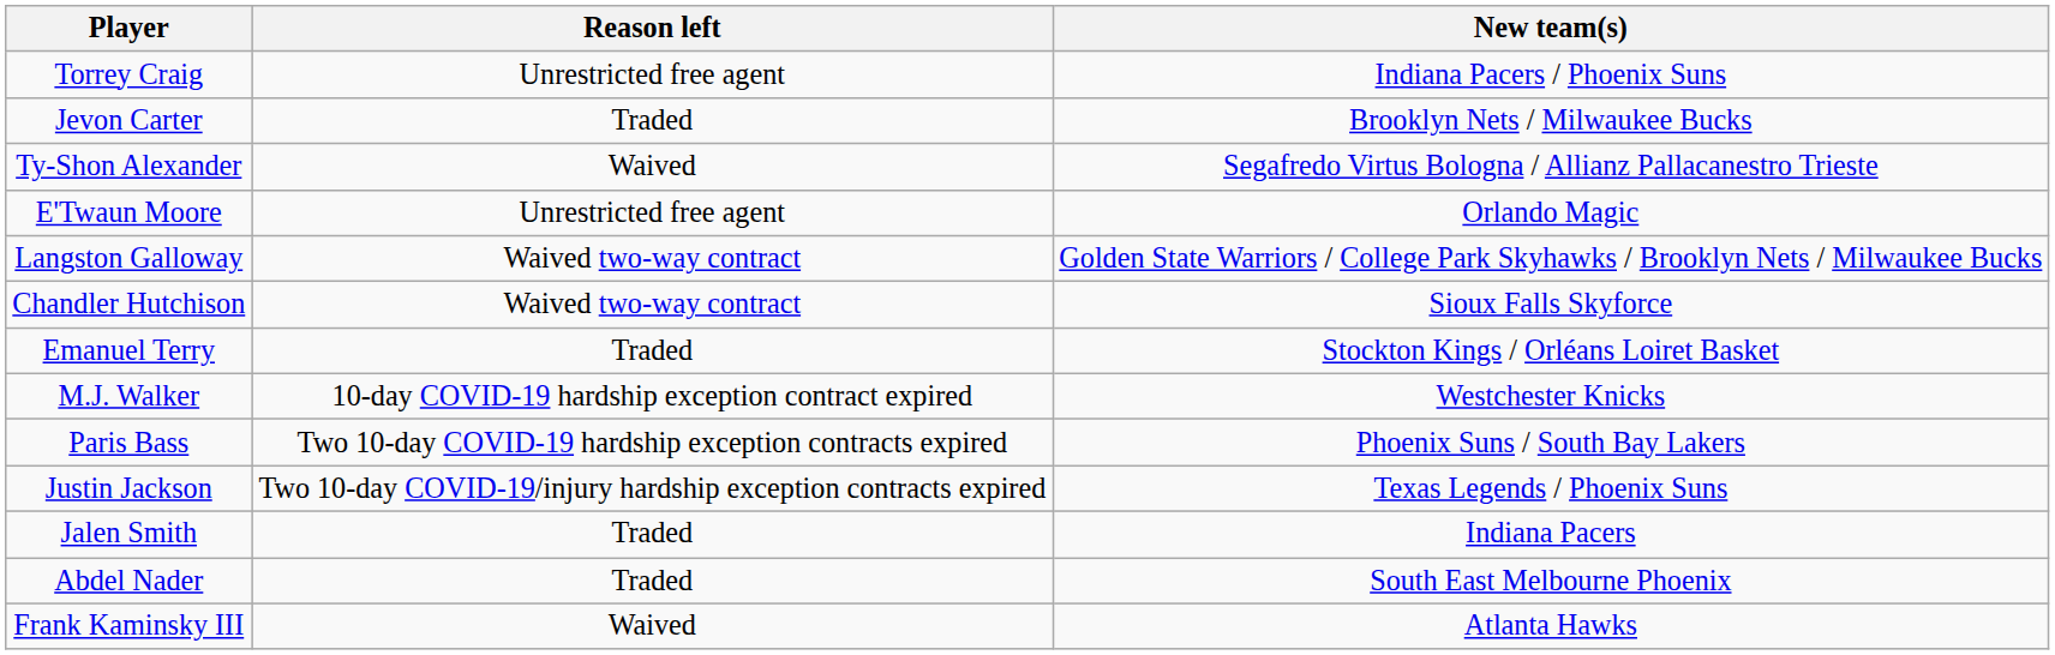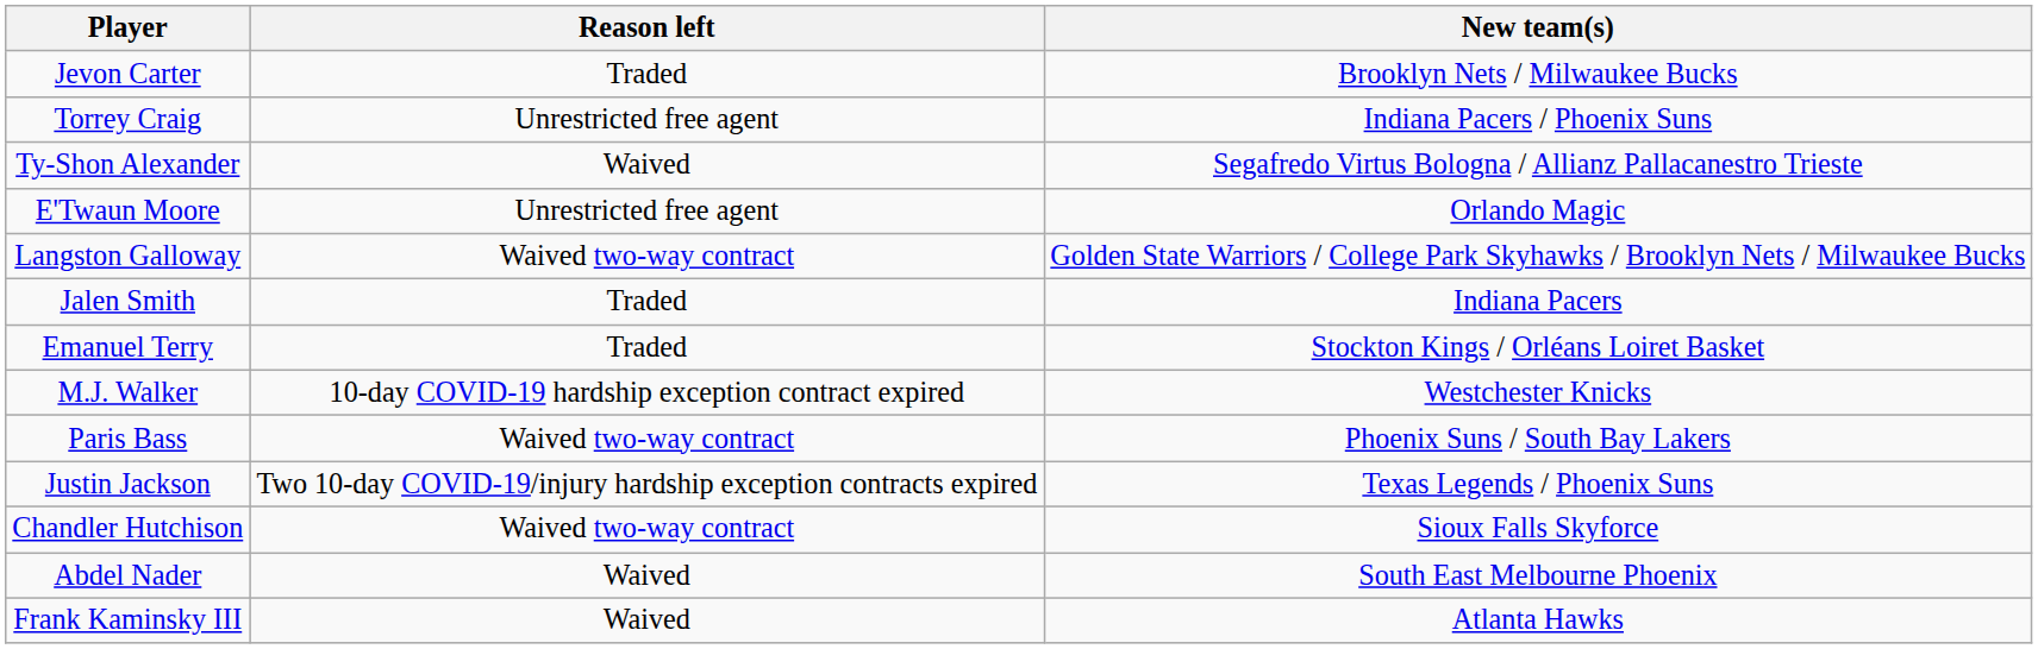 <table class="wikitable sortable sortable">
 <tr>
 <th>Player</th>
 <th>Reason left</th>
 <th>New team(s)</th>
 </tr>
 <tr style="text-align: center">
+<td><a href='#'>Jevon Carter</a></td>
+<td>Traded</td>
+<td><a href='#'>Brooklyn Nets</a> / <a href='#'>Milwaukee Bucks</a></td>
+</tr>
+<tr style="text-align: center">
 <td><a href='#'>Torrey Craig</a></td>
 <td>Unrestricted free agent</td>
 <td><a href='#'>Indiana Pacers</a> / <a href='#'>Phoenix Suns</a></td>
-</tr>
-<tr style="text-align: center">
-<td><a href='#'>Jevon Carter</a></td>
-<td>Traded</td>
-<td><a href='#'>Brooklyn Nets</a> / <a href='#'>Milwaukee Bucks</a></td>
 </tr>
 <tr style="text-align: center">
 <td><a href='#'>Ty-Shon Alexander</a></td>
 <td>Waived</td>
 <td> <a href='#'>Segafredo Virtus Bologna</a> /  <a href='#'>Allianz Pallacanestro Trieste</a></td>
 </tr>
 <tr style="text-align: center">
 <td><a href='#'>E'Twaun Moore</a></td>
 <td>Unrestricted free agent</td>
 <td><a href='#'>Orlando Magic</a></td>
 </tr>
 <tr style="text-align: center">
 <td><a href='#'>Langston Galloway</a></td>
 <td>Waived <a href='#'>two-way contract</a></td>
 <td><a href='#'>Golden State Warriors</a> / <a href='#'>College Park Skyhawks</a> / <a href='#'>Brooklyn Nets</a> / <a href='#'>Milwaukee Bucks</a></td>
 </tr>
 <tr style="text-align: center">
-<td><a href='#'>Chandler Hutchison</a></td>
-<td>Waived <a href='#'>two-way contract</a></td>
-<td><a href='#'>Sioux Falls Skyforce</a></td>
+<td><a href='#'>Jalen Smith</a></td>
+<td>Traded</td>
+<td><a href='#'>Indiana Pacers</a></td>
 </tr>
 <tr style="text-align: center">
 <td><a href='#'>Emanuel Terry</a></td>
 <td>Traded</td>
 <td><a href='#'>Stockton Kings</a> /  <a href='#'>Orléans Loiret Basket</a></td>
 </tr>
 <tr style="text-align: center">
 <td><a href='#'>M.J. Walker</a></td>
 <td>10-day <a href='#'>COVID-19</a> hardship exception contract expired</td>
 <td><a href='#'>Westchester Knicks</a></td>
 </tr>
 <tr style="text-align: center">
 <td><a href='#'>Paris Bass</a></td>
-<td>Two 10-day <a href='#'>COVID-19</a> hardship exception contracts expired</td>
+<td>Waived <a href='#'>two-way contract</a></td>
 <td><a href='#'>Phoenix Suns</a> / <a href='#'>South Bay Lakers</a></td>
 </tr>
 <tr style="text-align: center">
 <td><a href='#'>Justin Jackson</a></td>
 <td>Two 10-day <a href='#'>COVID-19</a>/injury hardship exception contracts expired</td>
 <td><a href='#'>Texas Legends</a> / <a href='#'>Phoenix Suns</a></td>
 </tr>
 <tr style="text-align: center">
-<td><a href='#'>Jalen Smith</a></td>
-<td>Traded</td>
-<td><a href='#'>Indiana Pacers</a></td>
+<td><a href='#'>Chandler Hutchison</a></td>
+<td>Waived <a href='#'>two-way contract</a></td>
+<td><a href='#'>Sioux Falls Skyforce</a></td>
 </tr>
 <tr style="text-align: center">
 <td><a href='#'>Abdel Nader</a></td>
-<td>Traded</td>
+<td>Waived</td>
 <td> <a href='#'>South East Melbourne Phoenix</a></td>
 </tr>
 <tr style="text-align: center">
 <td><a href='#'>Frank Kaminsky III</a></td>
 <td>Waived</td>
 <td><a href='#'>Atlanta Hawks</a></td>
 </tr>
 </table>
